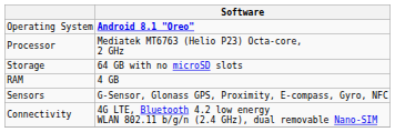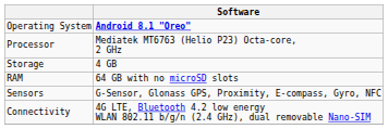 <table class="wikitable">
 <tr>
 <th></th>
 <th>Software</th>
 </tr>
 <tr>
 <td>Operating System</td>
 <td><strong><a href='#'>Android 8.1 "Oreo"</a></strong></td>
 </tr>
 <tr>
 <td>Processor</td>
 <td>Mediatek MT6763 (Helio P23) Octa-core,<br>2 GHz</td>
 </tr>
 <tr>
 <td>Storage</td>
-<td>64 GB with no <a href='#'>microSD</a> slots</td>
+<td>4 GB</td>
 </tr>
 <tr>
 <td>RAM</td>
-<td>4 GB</td>
+<td>64 GB with no <a href='#'>microSD</a> slots</td>
 </tr>
 <tr>
 <td>Sensors</td>
 <td>G-Sensor, Glonass GPS, Proximity, E-compass, Gyro, NFC</td>
 </tr>
 <tr>
 <td>Connectivity</td>
 <td>4G LTE, <a href='#'>Bluetooth</a> 4.2 low energy<br>WLAN 802.11 b/g/n (2.4 GHz),  dual removable <a href='#'>Nano-SIM</a></td>
 </tr>
 <tr>
 </tr>
 </table>
